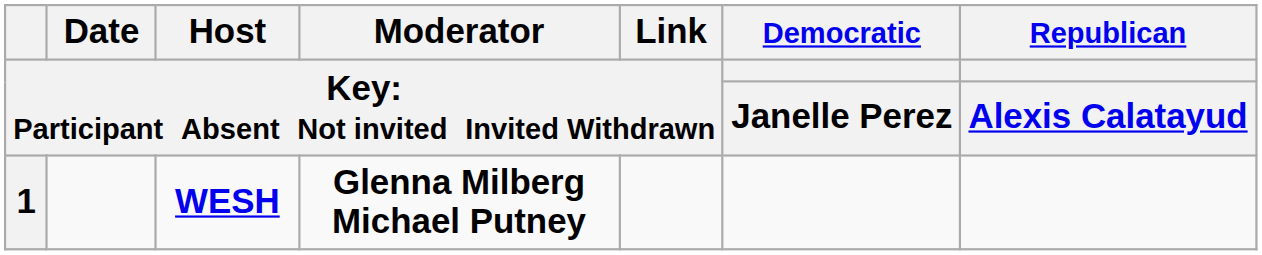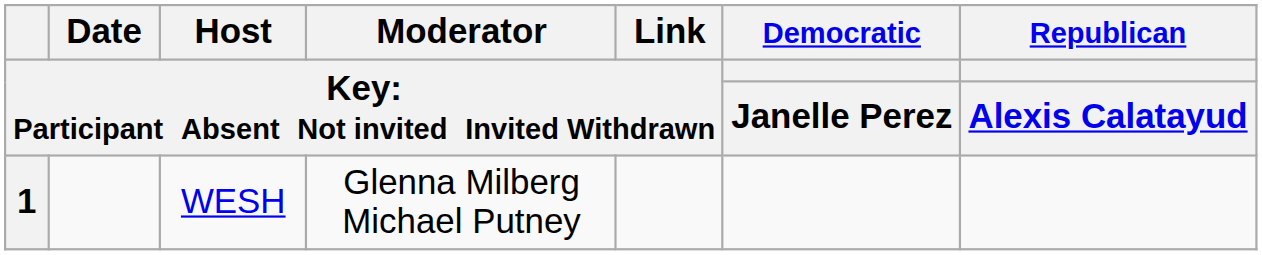 <table class="wikitable" style="text-align:center;">
 <tr>
 <th scope="col"></th>
 <th scope="col">Date</th>
 <th scope="col">Host</th>
 <th scope="col">Moderator</th>
 <th scope="col">Link</th>
 <th scope="col"><small><a href='#'>Democratic</a></small></th>
 <th scope="col"><small><a href='#'>Republican</a></small></th>
 </tr>
 <tr>
 <th colspan="5" rowspan="2">Key:<br> <small>Participant </small>  <small>Absent </small>  <small>Not invited </small>  <small>Invited  Withdrawn</small></th>
 <th scope="col" style="background:"></th>
 <th scope="col" style="background:"></th>
 </tr>
 <tr>
 <th scope="col">Janelle Perez</th>
 <th scope="col"><a href='#'>Alexis Calatayud</a></th>
 </tr>
 <tr>
 <th>1</th>
 <td style="white-space:nowrap;"></td>
-<td style="white-space:nowrap;"><strong><a href='#'>WESH</a></strong></td>
-<td style="white-space:nowrap;"><strong>Glenna Milberg<br>Michael Putney</strong></td>
+<td style="white-space:nowrap;"><a href='#'>WESH</a></td>
+<td style="white-space:nowrap;">Glenna Milberg<br>Michael Putney</td>
 <td style="white-space:nowrap;"></td>
 <td></td>
 <td></td>
 </tr>
 </table>
